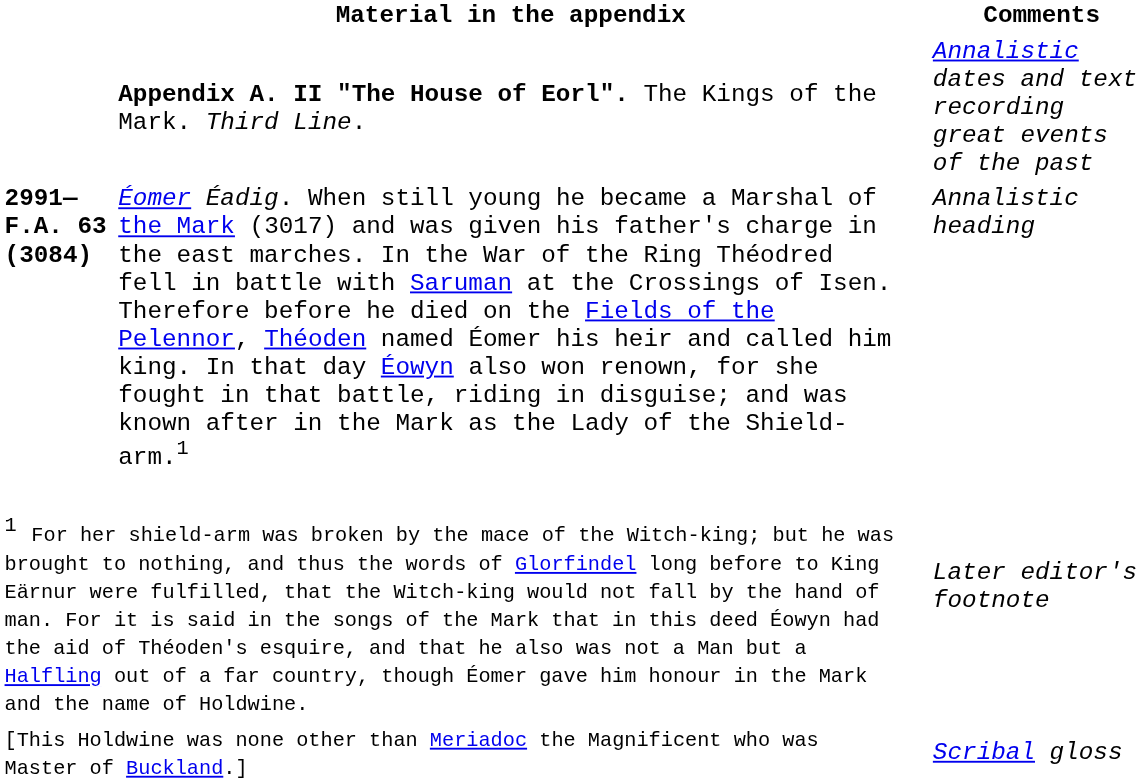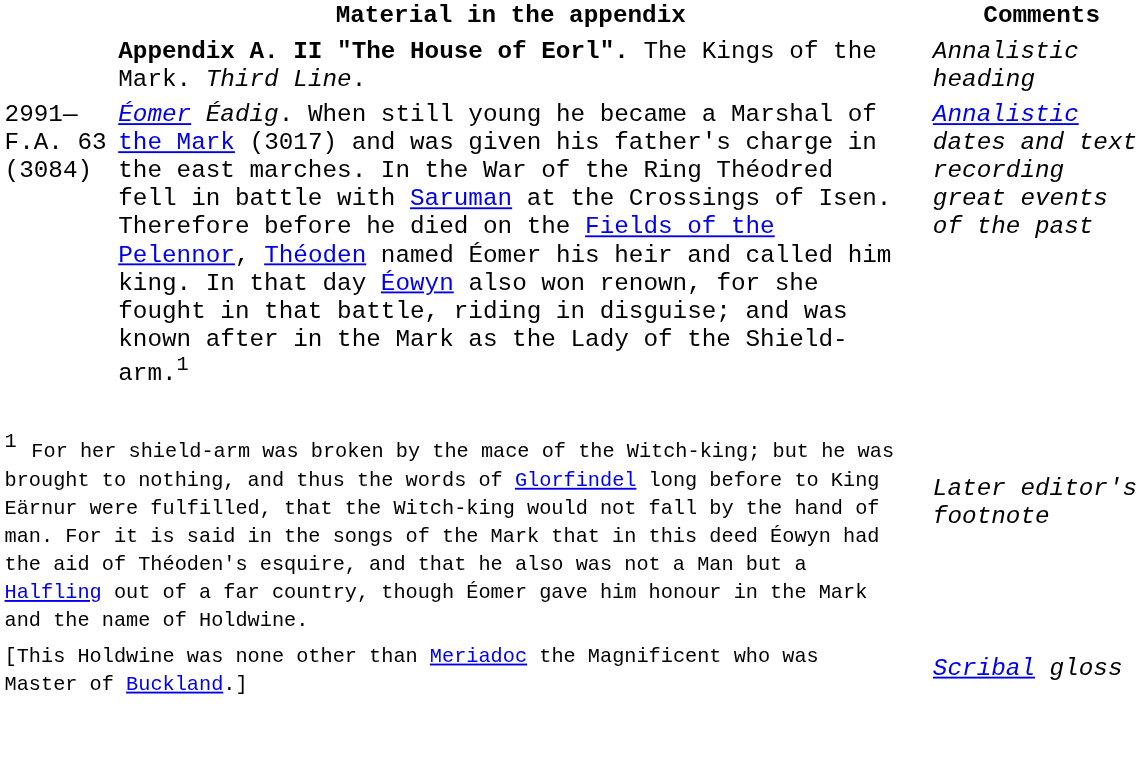 <table style="margin:auto" width="70%">
 <tr>
 <th></th>
 <th>Material in the appendix</th>
 <th></th>
 <th>Comments</th>
 </tr>
 <tr>
 <td></td>
 <td><strong>Appendix A. II "The House of Eorl".</strong> The Kings of the Mark. <em>Third Line</em>.</td>
 <td> </td>
-<td><em><a href='#'>Annalistic</a> dates and text recording great events of the past</em></td>
+<td><em>Annalistic heading</em></td>
 </tr>
 <tr style="vertical-align: top;">
-<td><strong>2991—F.A. 63 (3084)</strong></td>
+<td>2991—F.A. 63 (3084)</td>
 <td><em><a href='#'>Éomer</a> Éadig</em>. When still young he became a Marshal of <a href='#'>the Mark</a> (3017) and was given his father's charge in the east marches. In the War of the Ring Théodred fell in battle with <a href='#'>Saruman</a> at the Crossings of Isen. Therefore before he died on the <a href='#'>Fields of the Pelennor</a>, <a href='#'>Théoden</a> named Éomer his heir and called him king. In that day <a href='#'>Éowyn</a> also won renown, for she fought in that battle, riding in disguise; and was known after in the Mark as the Lady of the Shield-arm.<sup>1</sup></td>
 <td></td>
-<td><em>Annalistic heading</em></td>
+<td><em><a href='#'>Annalistic</a> dates and text recording great events of the past</em></td>
 </tr>
 <tr>
 <td></td>
 <td> </td>
 <td></td>
 <td></td>
 </tr>
 <tr>
 <td colspan=2><sup>1</sup> <small>For her shield-arm was broken by the mace of the Witch-king; but he was brought to nothing, and thus the words of <a href='#'>Glorfindel</a> long before to King Eärnur were fulfilled, that the Witch-king would not fall by the hand of man. For it is said in the songs of the Mark that in this deed Éowyn had the aid of Théoden's esquire, and that he also was not a Man but a <a href='#'>Halfling</a> out of a far country, though Éomer gave him honour in the Mark and the name of Holdwine.</small></td>
 <td> </td>
 <td><em>Later editor's footnote</em><br> <br> </td>
 </tr>
 <tr>
 <td colspan=2><small>[This Holdwine was none other than <a href='#'>Meriadoc</a> the Magnificent who was Master of <a href='#'>Buckland</a>.]</small></td>
 <td> </td>
 <td><em><a href='#'>Scribal</a> gloss</em></td>
 </tr>
 </table>
